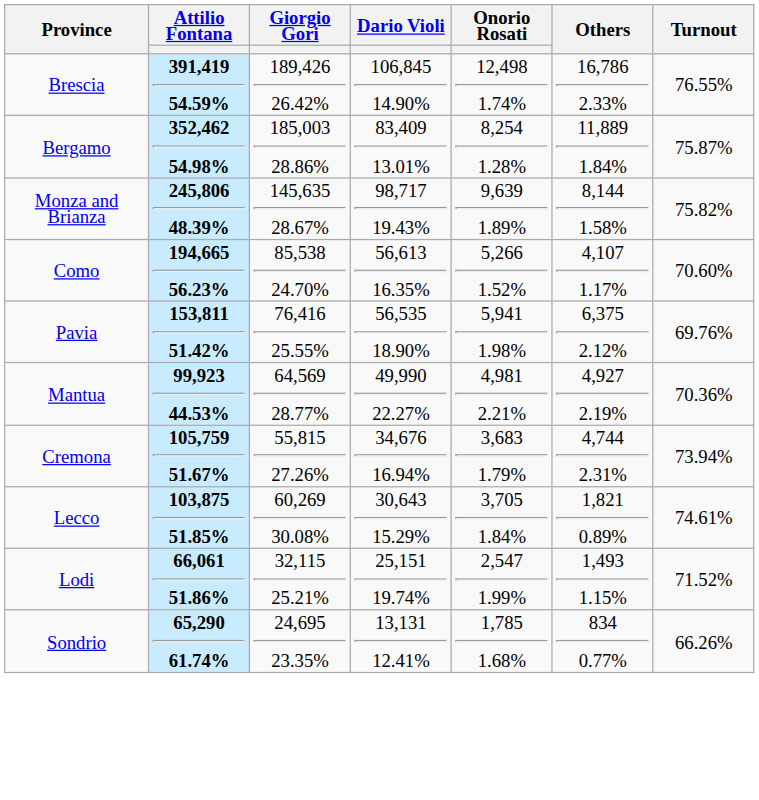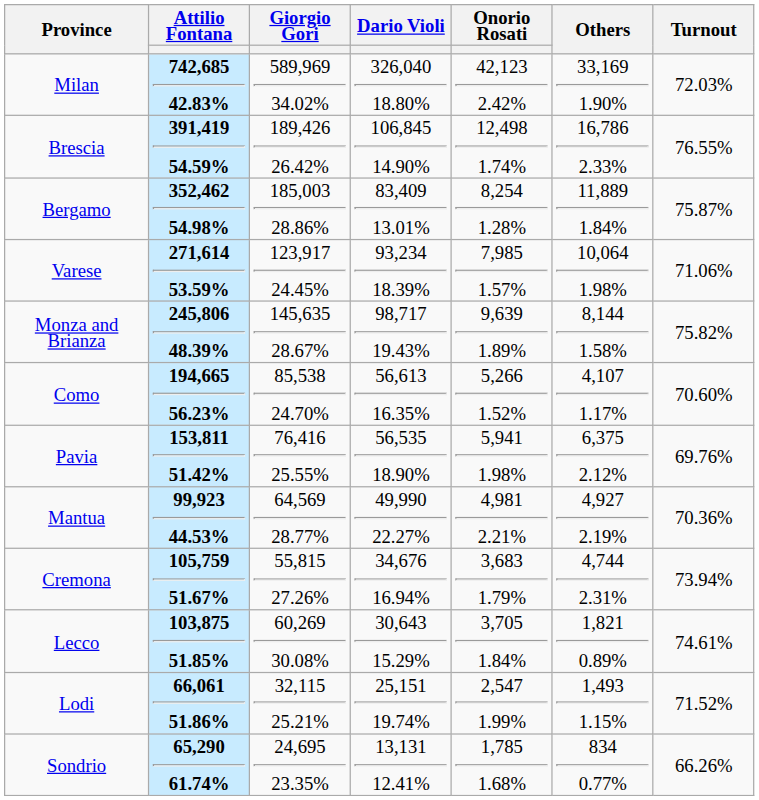 <table class="wikitable" style="text-align:center;font-size:95%;line-height:13px">
 <tr style="height:30px; background-color:#E9E9E9">
 <th style="width:110px;" rowspan="2">Province</th>
 <th style="width:75px;"><a href='#'>Attilio Fontana</a></th>
 <th style="width:75px;"><a href='#'>Giorgio Gori</a></th>
 <th style="width:75px;"><a href='#'>Dario Violi</a></th>
 <th style="width:75px;">Onorio Rosati</th>
 <th rowspan="2" style="width:75px;">Others</th>
 <th rowspan="2" style="width:75px;">Turnout</th>
 </tr>
 <tr>
 <th style="background:"></th>
 <th style="background:"></th>
 <th style="background:"></th>
 <th style="background:"></th>
+</tr>
+<tr>
+<td><a href='#'>Milan</a></td>
+<td style="background:#C8EBFF"><strong>742,685 <hr>42.83%</strong></td>
+<td>589,969 <hr>34.02%</td>
+<td>326,040 <hr>18.80%</td>
+<td>42,123 <hr>2.42%</td>
+<td>33,169 <hr>1.90%</td>
+<td>72.03%</td>
 </tr>
 <tr>
 <td><a href='#'>Brescia</a></td>
 <td style="background:#C8EBFF"><strong>391,419 <hr>54.59%</strong></td>
 <td>189,426 <hr>26.42%</td>
 <td>106,845 <hr>14.90%</td>
 <td>12,498 <hr>1.74%</td>
 <td>16,786 <hr>2.33%</td>
 <td>76.55%</td>
 </tr>
 <tr>
 <td><a href='#'>Bergamo</a></td>
 <td style="background:#C8EBFF"><strong>352,462 <hr>54.98%</strong></td>
 <td>185,003 <hr>28.86%</td>
 <td>83,409 <hr>13.01%</td>
 <td>8,254 <hr>1.28%</td>
 <td>11,889 <hr>1.84%</td>
 <td>75.87%</td>
+</tr>
+<tr>
+<td><a href='#'>Varese</a></td>
+<td style="background:#C8EBFF"><strong>271,614 <hr>53.59%</strong></td>
+<td>123,917 <hr>24.45%</td>
+<td>93,234 <hr>18.39%</td>
+<td>7,985 <hr>1.57%</td>
+<td>10,064 <hr>1.98%</td>
+<td>71.06%</td>
 </tr>
 <tr>
 <td><a href='#'>Monza and Brianza</a></td>
 <td style="background:#C8EBFF"><strong>245,806 <hr>48.39%</strong></td>
 <td>145,635<hr>28.67%</td>
 <td>98,717<hr>19.43%</td>
 <td>9,639 <hr>1.89%</td>
 <td>8,144 <hr>1.58%</td>
 <td>75.82%</td>
 </tr>
 <tr>
 <td><a href='#'>Como</a></td>
 <td style="background:#C8EBFF"><strong>194,665<hr>56.23%</strong></td>
 <td>85,538<hr>24.70%</td>
 <td>56,613<hr>16.35%</td>
 <td>5,266 <hr>1.52%</td>
 <td>4,107 <hr>1.17%</td>
 <td>70.60%</td>
 </tr>
 <tr>
 <td><a href='#'>Pavia</a></td>
 <td style="background:#C8EBFF"><strong>153,811<hr>51.42%</strong></td>
 <td>76,416 <hr>25.55%</td>
 <td>56,535 <hr>18.90%</td>
 <td>5,941 <hr>1.98%</td>
 <td>6,375 <hr>2.12%</td>
 <td>69.76%</td>
 </tr>
 <tr>
 <td><a href='#'>Mantua</a></td>
 <td style="background:#C8EBFF"><strong>99,923 <hr>44.53%</strong></td>
 <td>64,569 <hr>28.77%</td>
 <td>49,990 <hr>22.27%</td>
 <td>4,981 <hr>2.21%</td>
 <td>4,927 <hr>2.19%</td>
 <td>70.36%</td>
 </tr>
 <tr>
 <td><a href='#'>Cremona</a></td>
 <td style="background:#C8EBFF"><strong>105,759 <hr>51.67%</strong></td>
 <td>55,815 <hr>27.26%</td>
 <td>34,676 <hr>16.94%</td>
 <td>3,683 <hr>1.79%</td>
 <td>4,744 <hr>2.31%</td>
 <td>73.94%</td>
 </tr>
 <tr>
 <td><a href='#'>Lecco</a></td>
 <td style="background:#C8EBFF"><strong>103,875<hr>51.85%</strong></td>
 <td>60,269<hr>30.08%</td>
 <td>30,643 <hr>15.29%</td>
 <td>3,705 <hr>1.84%</td>
 <td>1,821 <hr>0.89%</td>
 <td>74.61%</td>
 </tr>
 <tr>
 <td><a href='#'>Lodi</a></td>
 <td style="background:#C8EBFF"><strong>66,061<hr>51.86%</strong></td>
 <td>32,115 <hr>25.21%</td>
 <td>25,151 <hr>19.74%</td>
 <td>2,547 <hr>1.99%</td>
 <td>1,493 <hr>1.15%</td>
 <td>71.52%</td>
 </tr>
 <tr>
 <td><a href='#'>Sondrio</a></td>
 <td style="background:#C8EBFF"><strong>65,290 <hr>61.74%</strong></td>
 <td>24,695 <hr>23.35%</td>
 <td>13,131 <hr>12.41%</td>
 <td>1,785 <hr>1.68%</td>
 <td>834 <hr>0.77%</td>
 <td>66.26%</td>
 </tr>
 </table>
